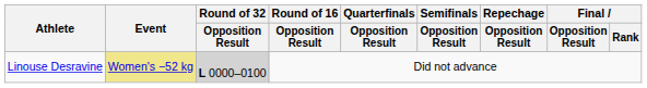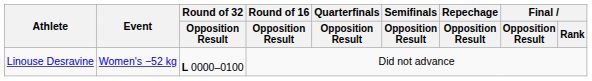 <table class="wikitable" style="font-size:90%">
 <tr>
 <th rowspan="2">Athlete</th>
 <th rowspan="2">Event</th>
 <th>Round of 32</th>
 <th>Round of 16</th>
 <th>Quarterfinals</th>
 <th>Semifinals</th>
 <th>Repechage</th>
 <th colspan=2>Final / </th>
 </tr>
 <tr style="font-size:95%">
 <th>Opposition<br>Result</th>
 <th>Opposition<br>Result</th>
 <th>Opposition<br>Result</th>
 <th>Opposition<br>Result</th>
 <th>Opposition<br>Result</th>
 <th>Opposition<br>Result</th>
 <th>Rank</th>
 </tr>
 <tr align=center>
 <td align=left><a href='#'>Linouse Desravine</a></td>
-<td align=left style="background: khaki;"><a href='#'>Women's −52 kg</a></td>
-<td style="background: lightgrey;"><br><strong>L</strong> 0000–0100</td>
+<td align=left><a href='#'>Women's −52 kg</a></td>
+<td><br><strong>L</strong> 0000–0100</td>
 <td colspan=6>Did not advance</td>
 </tr>
 </table>
